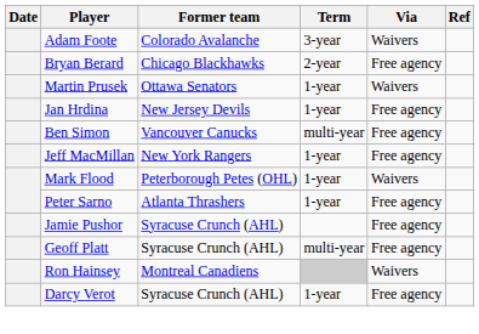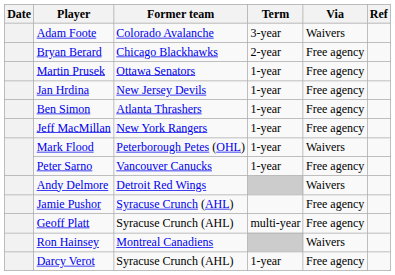 <table class="wikitable plainrowheaders">
 <tr style="background:#ddd; text-align:center;">
 <th>Date</th>
 <th>Player</th>
 <th>Former team</th>
 <th>Term</th>
 <th>Via</th>
 <th>Ref</th>
 </tr>
 <tr>
 <th scope="row"></th>
 <td><a href='#'>Adam Foote</a></td>
 <td><a href='#'>Colorado Avalanche</a></td>
 <td>3-year</td>
 <td>Waivers</td>
 <td></td>
 </tr>
 <tr>
 <th scope="row"></th>
 <td><a href='#'>Bryan Berard</a></td>
 <td><a href='#'>Chicago Blackhawks</a></td>
 <td>2-year</td>
 <td>Free agency</td>
 <td></td>
 </tr>
 <tr>
 <th scope="row"></th>
 <td><a href='#'>Martin Prusek</a></td>
 <td><a href='#'>Ottawa Senators</a></td>
 <td>1-year</td>
-<td>Waivers</td>
+<td>Free agency</td>
 <td></td>
 </tr>
 <tr>
 <th scope="row"></th>
 <td><a href='#'>Jan Hrdina</a></td>
 <td><a href='#'>New Jersey Devils</a></td>
 <td>1-year</td>
 <td>Free agency</td>
 <td></td>
 </tr>
 <tr>
 <th scope="row"></th>
 <td><a href='#'>Ben Simon</a></td>
-<td><a href='#'>Vancouver Canucks</a></td>
-<td>multi-year</td>
+<td><a href='#'>Atlanta Thrashers</a></td>
+<td>1-year</td>
 <td>Free agency</td>
 <td></td>
 </tr>
 <tr>
 <th scope="row"></th>
 <td><a href='#'>Jeff MacMillan</a></td>
 <td><a href='#'>New York Rangers</a></td>
 <td>1-year</td>
 <td>Free agency</td>
 <td></td>
 </tr>
 <tr>
 <th scope="row" rowspan=2></th>
 <td><a href='#'>Mark Flood</a></td>
 <td><a href='#'>Peterborough Petes</a> (<a href='#'>OHL</a>)</td>
 <td>1-year</td>
 <td>Waivers</td>
 <td></td>
 </tr>
 <tr>
 <td><a href='#'>Peter Sarno</a></td>
-<td><a href='#'>Atlanta Thrashers</a></td>
+<td><a href='#'>Vancouver Canucks</a></td>
 <td>1-year</td>
 <td>Free agency</td>
+<td></td>
+</tr>
+<tr>
+<th scope="row"></th>
+<td><a href='#'>Andy Delmore</a></td>
+<td><a href='#'>Detroit Red Wings</a></td>
+<td style="background:#ccc"></td>
+<td>Waivers</td>
 <td></td>
 </tr>
 <tr>
 <th scope="row"></th>
 <td><a href='#'>Jamie Pushor</a></td>
 <td><a href='#'>Syracuse Crunch</a> (<a href='#'>AHL</a>)</td>
 <td></td>
 <td>Free agency</td>
 <td></td>
 </tr>
 <tr>
 <th scope="row"></th>
 <td><a href='#'>Geoff Platt</a></td>
 <td>Syracuse Crunch (AHL)</td>
 <td>multi-year</td>
 <td>Free agency</td>
 <td></td>
 </tr>
 <tr>
 <th scope="row"></th>
 <td><a href='#'>Ron Hainsey</a></td>
 <td><a href='#'>Montreal Canadiens</a></td>
 <td style="background:#ccc"></td>
 <td>Waivers</td>
 <td></td>
 </tr>
 <tr>
 <th scope="row"></th>
 <td><a href='#'>Darcy Verot</a></td>
 <td>Syracuse Crunch (AHL)</td>
 <td>1-year</td>
 <td>Free agency</td>
 <td></td>
 </tr>
 </table>
